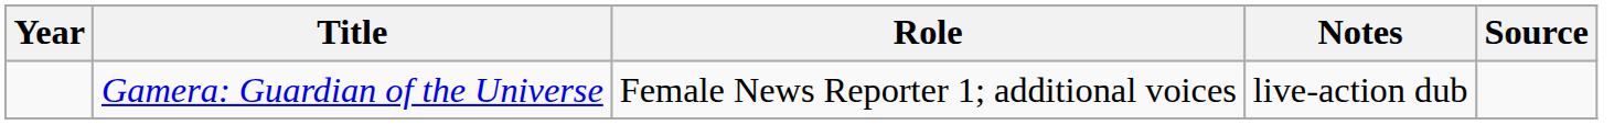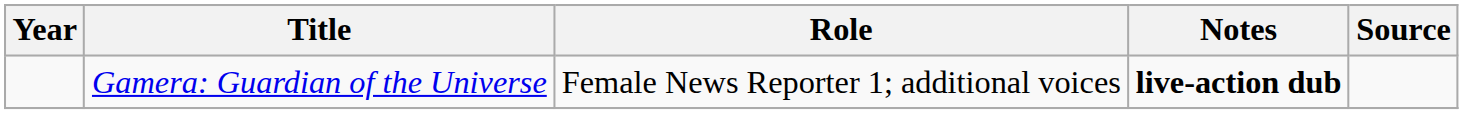 <table class="wikitable sortable plainrowheaders">
 <tr>
 <th>Year</th>
 <th>Title</th>
 <th>Role</th>
 <th class="unsortable">Notes</th>
 <th class="unsortable">Source</th>
 </tr>
 <tr>
 <td></td>
 <td><em><a href='#'>Gamera: Guardian of the Universe</a></em></td>
 <td>Female News Reporter 1; additional voices</td>
-<td>live-action dub</td>
+<td><strong>live-action dub</strong></td>
 <td></td>
 </tr>
 <tr>
 </tr>
 </table>
